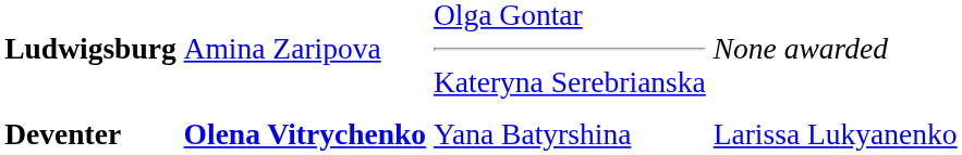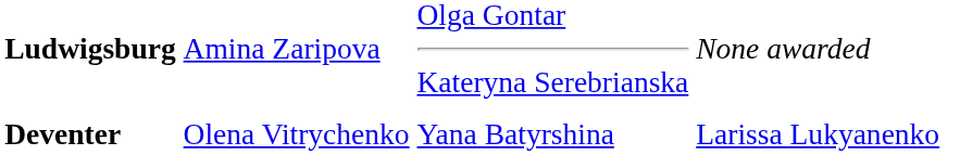 <table>
 <tr>
 <th scope=row style="text-align:left">Ludwigsburg</th>
 <td style="height:30px;"> <a href='#'>Amina Zaripova</a></td>
 <td style="height:30px;"> <a href='#'>Olga Gontar</a><hr> <a href='#'>Kateryna Serebrianska</a></td>
 <td style="height:30px;"><em>None awarded</em></td>
 </tr>
 <tr>
 <th scope=row style="text-align:left">Deventer</th>
-<td style="height:30px;"><strong> <a href='#'>Olena Vitrychenko</a></strong></td>
+<td style="height:30px;"> <a href='#'>Olena Vitrychenko</a></td>
 <td style="height:30px;"> <a href='#'>Yana Batyrshina</a></td>
 <td style="height:30px;"> <a href='#'>Larissa Lukyanenko</a></td>
 </tr>
 <tr>
 </tr>
 </table>
